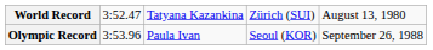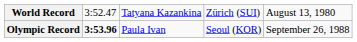 <table class="wikitable">
 <tr>
 <th>World Record</th>
 <td>3:52.47</td>
 <td> <a href='#'>Tatyana Kazankina</a></td>
 <td><a href='#'>Zürich</a> (<a href='#'>SUI</a>)</td>
 <td>August 13, 1980</td>
 </tr>
 <tr>
 <th>Olympic Record</th>
-<td>3:53.96</td>
+<td><strong>3:53.96</strong></td>
 <td> <a href='#'>Paula Ivan</a></td>
 <td><a href='#'>Seoul</a> (<a href='#'>KOR</a>)</td>
 <td>September 26, 1988</td>
 </tr>
 </table>
